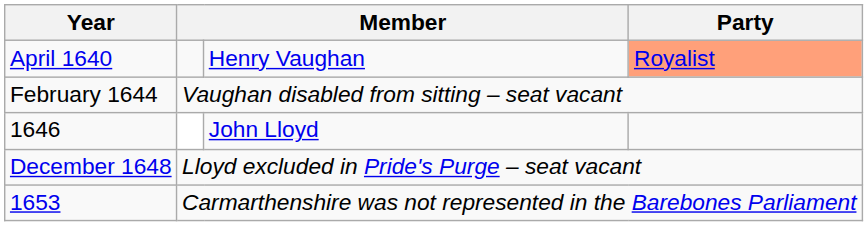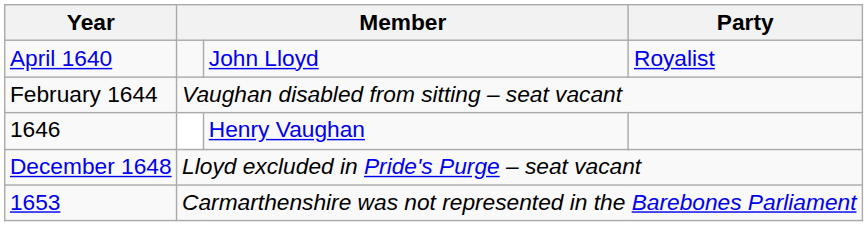 <table class="wikitable">
 <tr>
 <th>Year</th>
 <th colspan="2">Member</th>
 <th>Party</th>
 </tr>
 <tr>
 <td><a href='#'>April 1640</a></td>
 <td style="color:inherit;background-color: "></td>
-<td><a href='#'>Henry Vaughan</a></td>
-<td style="background: lightsalmon;"><a href='#'>Royalist</a></td>
+<td><a href='#'>John Lloyd</a></td>
+<td><a href='#'>Royalist</a></td>
 </tr>
 <tr>
 <td>February 1644</td>
 <td colspan="3"><em>Vaughan disabled from sitting – seat vacant</em></td>
 </tr>
 <tr>
 <td>1646</td>
 <td style="color:inherit;background-color: white"></td>
-<td><a href='#'>John Lloyd</a></td>
+<td><a href='#'>Henry Vaughan</a></td>
 <td></td>
 </tr>
 <tr>
 <td><a href='#'>December 1648</a></td>
 <td colspan="3"><em>Lloyd excluded in <a href='#'>Pride's Purge</a> – seat vacant</em></td>
 </tr>
 <tr>
 <td><a href='#'>1653</a></td>
 <td colspan="3"><em>Carmarthenshire was not represented in the <a href='#'>Barebones Parliament</a></em></td>
 </tr>
 </table>
